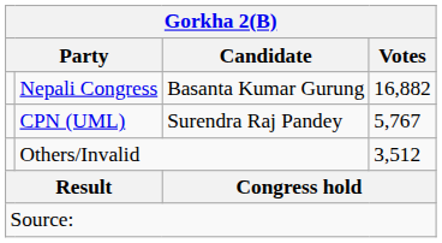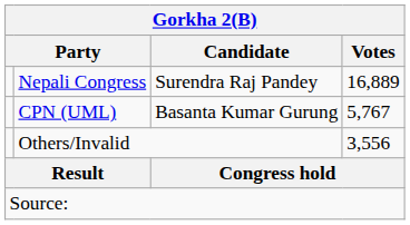 <table class="wikitable">
 <tr>
 <th colspan="4"><a href='#'>Gorkha 2(B)</a></th>
 </tr>
 <tr>
 <th colspan="2">Party</th>
 <th>Candidate</th>
 <th>Votes</th>
 </tr>
 <tr>
 <td style="background-color:"></td>
 <td><a href='#'>Nepali Congress</a></td>
-<td>Basanta Kumar Gurung</td>
-<td>16,882</td>
+<td>Surendra Raj Pandey</td>
+<td>16,889</td>
 </tr>
 <tr>
 <td style="background-color:"></td>
 <td><a href='#'>CPN (UML)</a></td>
-<td>Surendra Raj Pandey</td>
+<td>Basanta Kumar Gurung</td>
 <td>5,767</td>
 </tr>
 <tr>
 <td></td>
 <td colspan="2">Others/Invalid</td>
-<td>3,512</td>
+<td>3,556</td>
 </tr>
 <tr>
 <th colspan="2">Result</th>
 <th colspan="2">Congress hold</th>
 </tr>
 <tr>
 <td colspan="4">Source: </td>
 </tr>
 </table>
